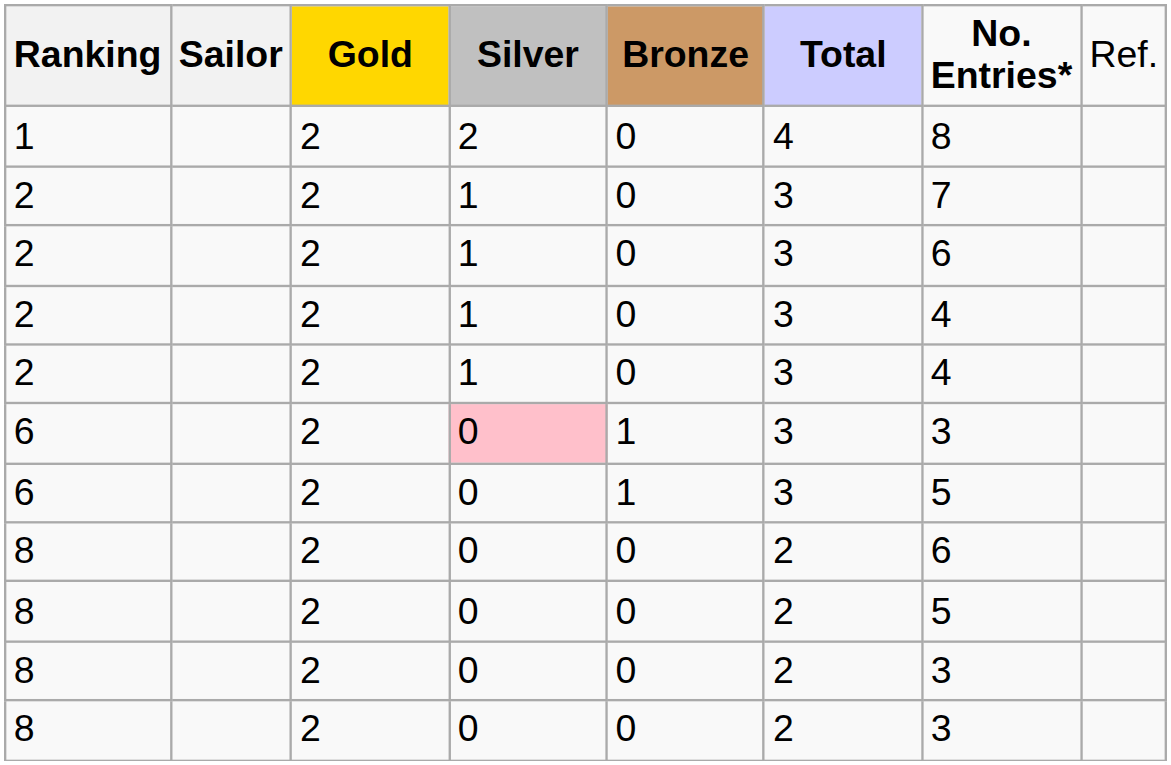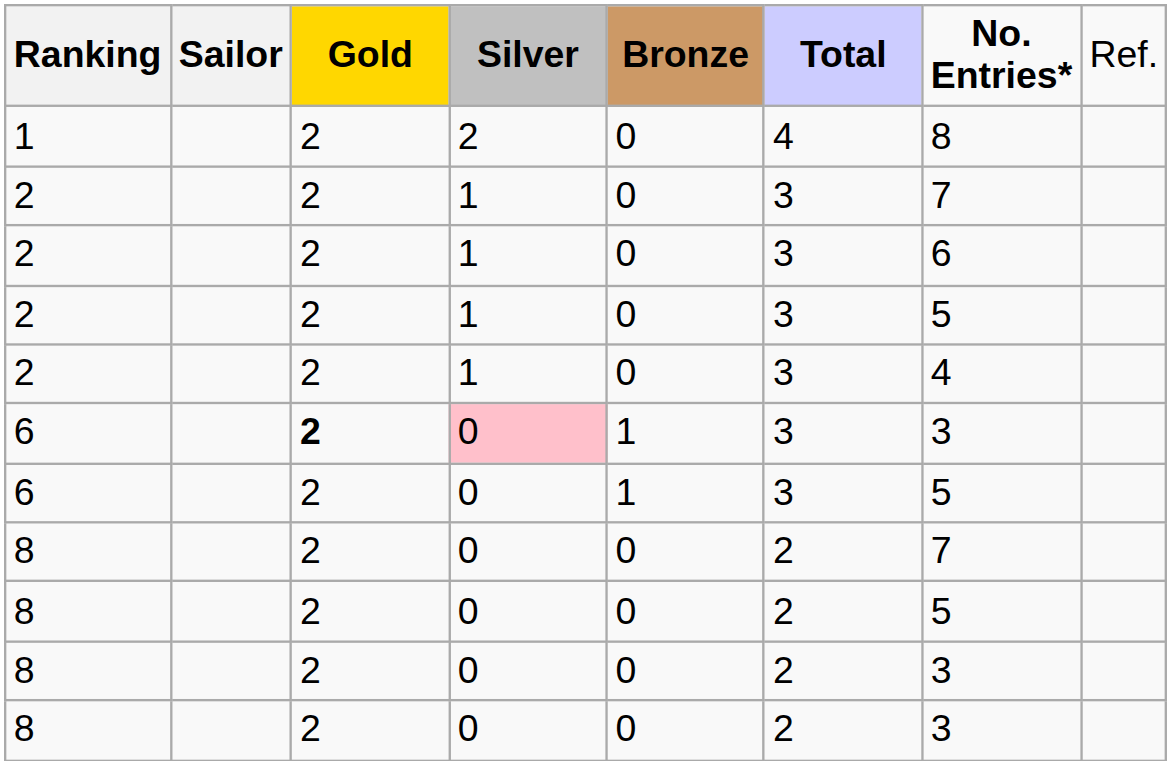 <table class="wikitable sortable">
 <tr>
 <th align=center><strong>Ranking</strong></th>
 <th align=center><strong>Sailor</strong></th>
 <td style="background:gold; width:60px; text-align:center;"><strong>Gold</strong></td>
 <td style="background:silver; width:60px; text-align:center;"><strong>Silver</strong></td>
 <td style="background:#c96; width:60px; text-align:center;"><strong>Bronze</strong></td>
 <td style="background:#ccf; width:60px; text-align:center;"><strong>Total</strong></td>
 <td style="width:60px; text-align:center;"><strong>No. Entries*</strong></td>
 <td>Ref.</td>
 </tr>
 <tr>
 <td>1</td>
 <td></td>
 <td>2</td>
 <td>2</td>
 <td>0</td>
 <td>4</td>
 <td>8</td>
 <td></td>
 </tr>
 <tr>
 <td>2</td>
 <td></td>
 <td>2</td>
 <td>1</td>
 <td>0</td>
 <td>3</td>
 <td>7</td>
 <td></td>
 </tr>
 <tr>
 <td>2</td>
 <td></td>
 <td>2</td>
 <td>1</td>
 <td>0</td>
 <td>3</td>
 <td>6</td>
 <td></td>
 </tr>
 <tr>
 <td>2</td>
 <td></td>
 <td>2</td>
 <td>1</td>
 <td>0</td>
 <td>3</td>
-<td>4</td>
+<td>5</td>
 <td></td>
 </tr>
 <tr>
 <td>2</td>
 <td></td>
 <td>2</td>
 <td>1</td>
 <td>0</td>
 <td>3</td>
 <td>4</td>
 <td></td>
 </tr>
 <tr>
 <td>6</td>
 <td></td>
-<td>2</td>
+<td><strong>2</strong></td>
 <td style="background: pink;">0</td>
 <td>1</td>
 <td>3</td>
 <td>3</td>
 <td></td>
 </tr>
 <tr>
 <td>6</td>
 <td></td>
 <td>2</td>
 <td>0</td>
 <td>1</td>
 <td>3</td>
 <td>5</td>
 <td></td>
 </tr>
 <tr>
 <td>8</td>
 <td></td>
 <td>2</td>
 <td>0</td>
 <td>0</td>
 <td>2</td>
-<td>6</td>
+<td>7</td>
 <td></td>
 </tr>
 <tr>
 <td>8</td>
 <td></td>
 <td>2</td>
 <td>0</td>
 <td>0</td>
 <td>2</td>
 <td>5</td>
 <td></td>
 </tr>
 <tr>
 <td>8</td>
 <td></td>
 <td>2</td>
 <td>0</td>
 <td>0</td>
 <td>2</td>
 <td>3</td>
 <td></td>
 </tr>
 <tr>
 <td>8</td>
 <td></td>
 <td>2</td>
 <td>0</td>
 <td>0</td>
 <td>2</td>
 <td>3</td>
 <td></td>
 </tr>
 <tr>
 </tr>
 </table>
